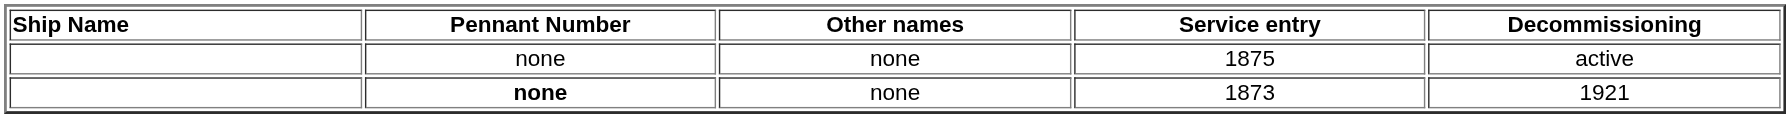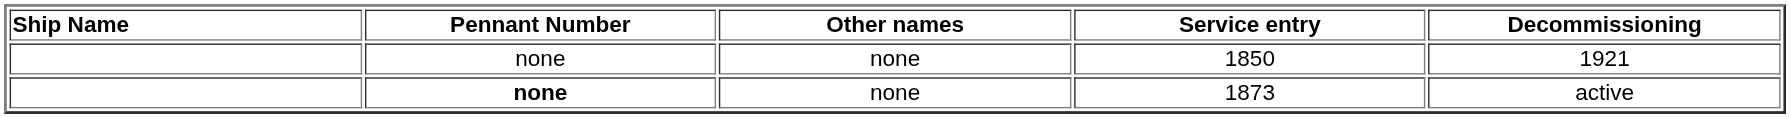 <table width="100%" border="2">
 <tr>
 <th width="16%" align="left">Ship Name</th>
 <th width="16%" align="center">Pennant Number</th>
 <th width="16%" align="center">Other names</th>
 <th width="16%" align="center">Service entry</th>
 <th width="16%" align="center">Decommissioning</th>
 </tr>
 <tr>
 <td align="center"></td>
 <td align="center">none</td>
 <td align="center">none</td>
-<td align="center">1875</td>
-<td align="center">active </td>
+<td align="center">1850</td>
+<td align="center">1921 </td>
 </tr>
 <tr>
 <td align="center"></td>
 <td align="center"><strong>none</strong></td>
 <td align="center">none</td>
 <td align="center">1873</td>
-<td align="center">1921 </td>
+<td align="center">active </td>
 </tr>
 </table>
